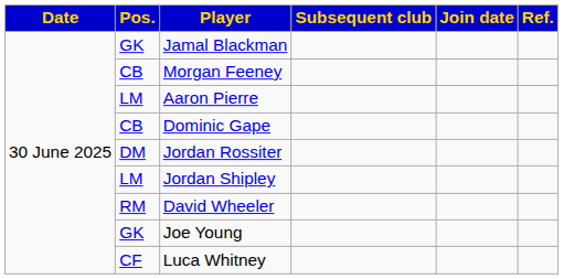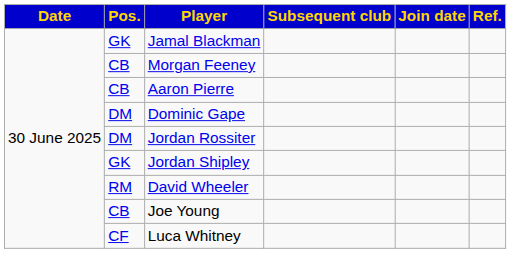 <table class="wikitable plainrowheaders sortable">
 <tr>
 <th style="background:mediumblue;color:gold;">Date</th>
 <th style="background:mediumblue;color:gold;">Pos.</th>
 <th style="background:mediumblue;color:gold;">Player</th>
 <th style="background:mediumblue;color:gold;">Subsequent club</th>
 <th style="background:mediumblue;color:gold;">Join date</th>
 <th style="background:mediumblue;color:gold;">Ref.</th>
 </tr>
 <tr>
 <td rowspan="9">30 June 2025</td>
 <td><a href='#'>GK</a></td>
 <td> <a href='#'>Jamal Blackman</a></td>
 <td></td>
 <td></td>
 <td></td>
 </tr>
 <tr>
 <td><a href='#'>CB</a></td>
 <td> <a href='#'>Morgan Feeney</a></td>
 <td></td>
 <td></td>
 <td></td>
 </tr>
 <tr>
-<td><a href='#'>LM</a></td>
+<td><a href='#'>CB</a></td>
 <td> <a href='#'>Aaron Pierre</a></td>
 <td></td>
 <td></td>
 <td></td>
 </tr>
 <tr>
-<td><a href='#'>CB</a></td>
+<td><a href='#'>DM</a></td>
 <td> <a href='#'>Dominic Gape</a></td>
 <td></td>
 <td></td>
 <td></td>
 </tr>
 <tr>
 <td><a href='#'>DM</a></td>
 <td> <a href='#'>Jordan Rossiter</a></td>
 <td></td>
 <td></td>
 <td></td>
 </tr>
 <tr>
-<td><a href='#'>LM</a></td>
+<td><a href='#'>GK</a></td>
 <td> <a href='#'>Jordan Shipley</a></td>
 <td></td>
 <td></td>
 <td></td>
 </tr>
 <tr>
 <td><a href='#'>RM</a></td>
 <td> <a href='#'>David Wheeler</a></td>
 <td></td>
 <td></td>
 <td></td>
 </tr>
 <tr>
-<td><a href='#'>GK</a></td>
+<td><a href='#'>CB</a></td>
 <td> Joe Young</td>
 <td></td>
 <td></td>
 <td></td>
 </tr>
 <tr>
 <td><a href='#'>CF</a></td>
 <td> Luca Whitney</td>
 <td></td>
 <td></td>
 <td></td>
 </tr>
 </table>
